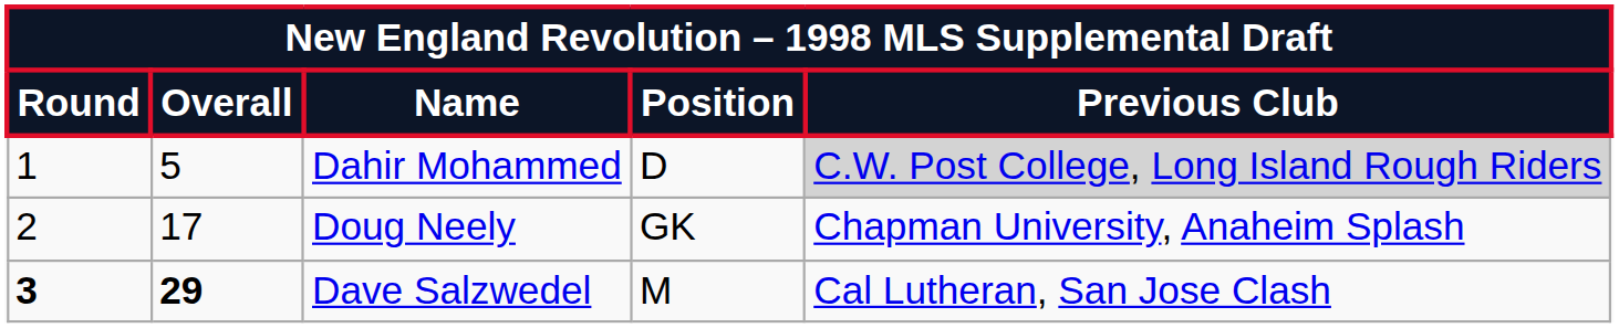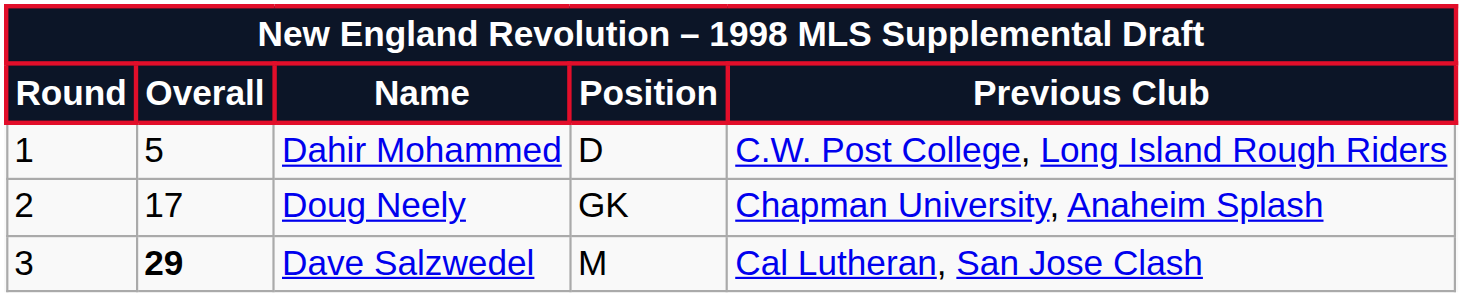 <table class="wikitable">
 <tr>
 <th colspan="5" style="background:#0c1527; color:#fff; border:2px solid #e20e2a; text-align: center; font-weight:bold;">New England Revolution – 1998 MLS Supplemental Draft</th>
 </tr>
 <tr>
 <th style="background:#0c1527; color:#fff; border:2px solid #e20e2a;" scope="col">Round</th>
 <th style="background:#0c1527; color:#fff; border:2px solid #e20e2a;" scope="col">Overall</th>
 <th style="background:#0c1527; color:#fff; border:2px solid #e20e2a;" scope="col">Name</th>
 <th style="background:#0c1527; color:#fff; border:2px solid #e20e2a;" scope="col">Position</th>
 <th style="background:#0c1527; color:#fff; border:2px solid #e20e2a;" scope="col">Previous Club</th>
 </tr>
 <tr>
 <td>1</td>
 <td>5</td>
 <td> <a href='#'>Dahir Mohammed</a></td>
 <td>D</td>
-<td style="background: lightgrey;"> <a href='#'>C.W. Post College</a>, <a href='#'>Long Island Rough Riders</a></td>
+<td> <a href='#'>C.W. Post College</a>, <a href='#'>Long Island Rough Riders</a></td>
 </tr>
 <tr>
 <td>2</td>
 <td>17</td>
 <td> <a href='#'>Doug Neely</a></td>
 <td>GK</td>
 <td> <a href='#'>Chapman University</a>, <a href='#'>Anaheim Splash</a></td>
 </tr>
 <tr>
-<td><strong>3</strong></td>
+<td>3</td>
 <td><strong>29</strong></td>
 <td> <a href='#'>Dave Salzwedel</a></td>
 <td>M</td>
 <td> <a href='#'>Cal Lutheran</a>, <a href='#'>San Jose Clash</a></td>
 </tr>
 </table>
